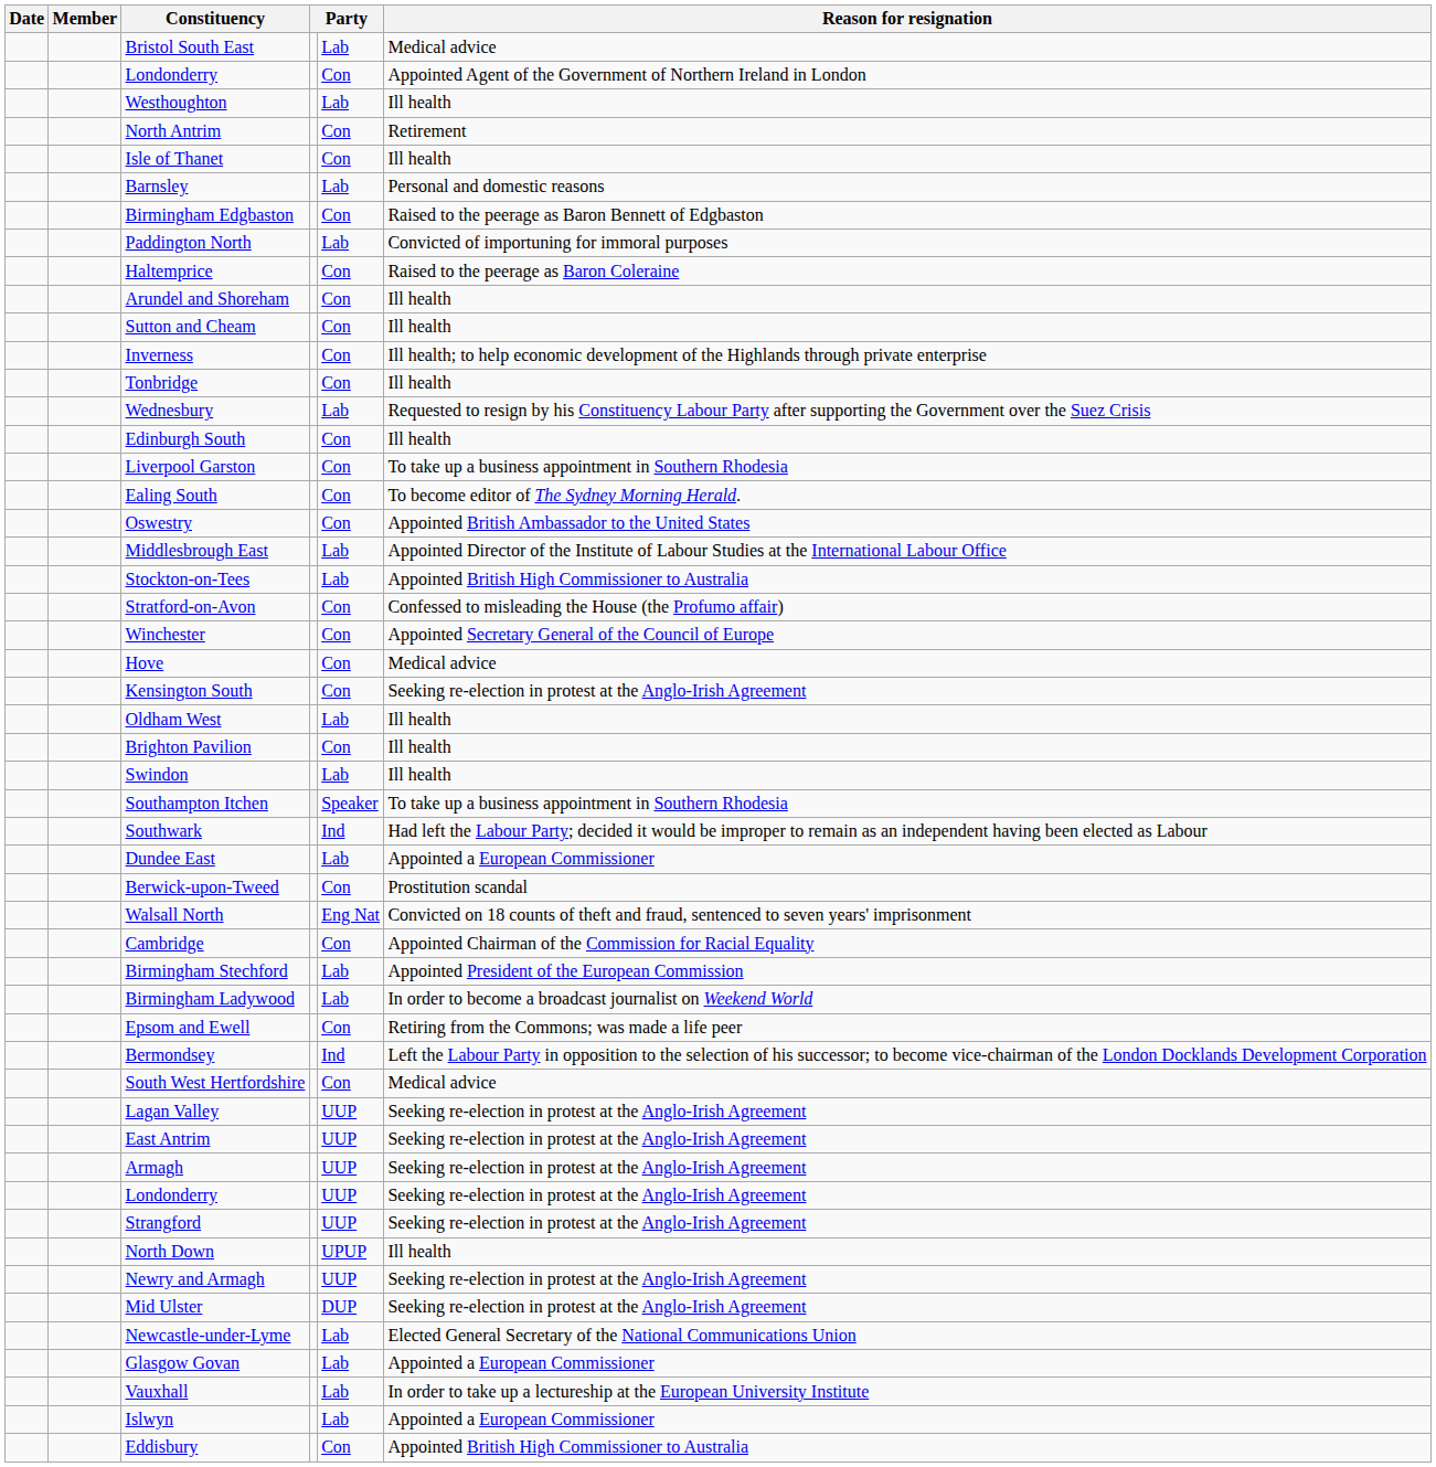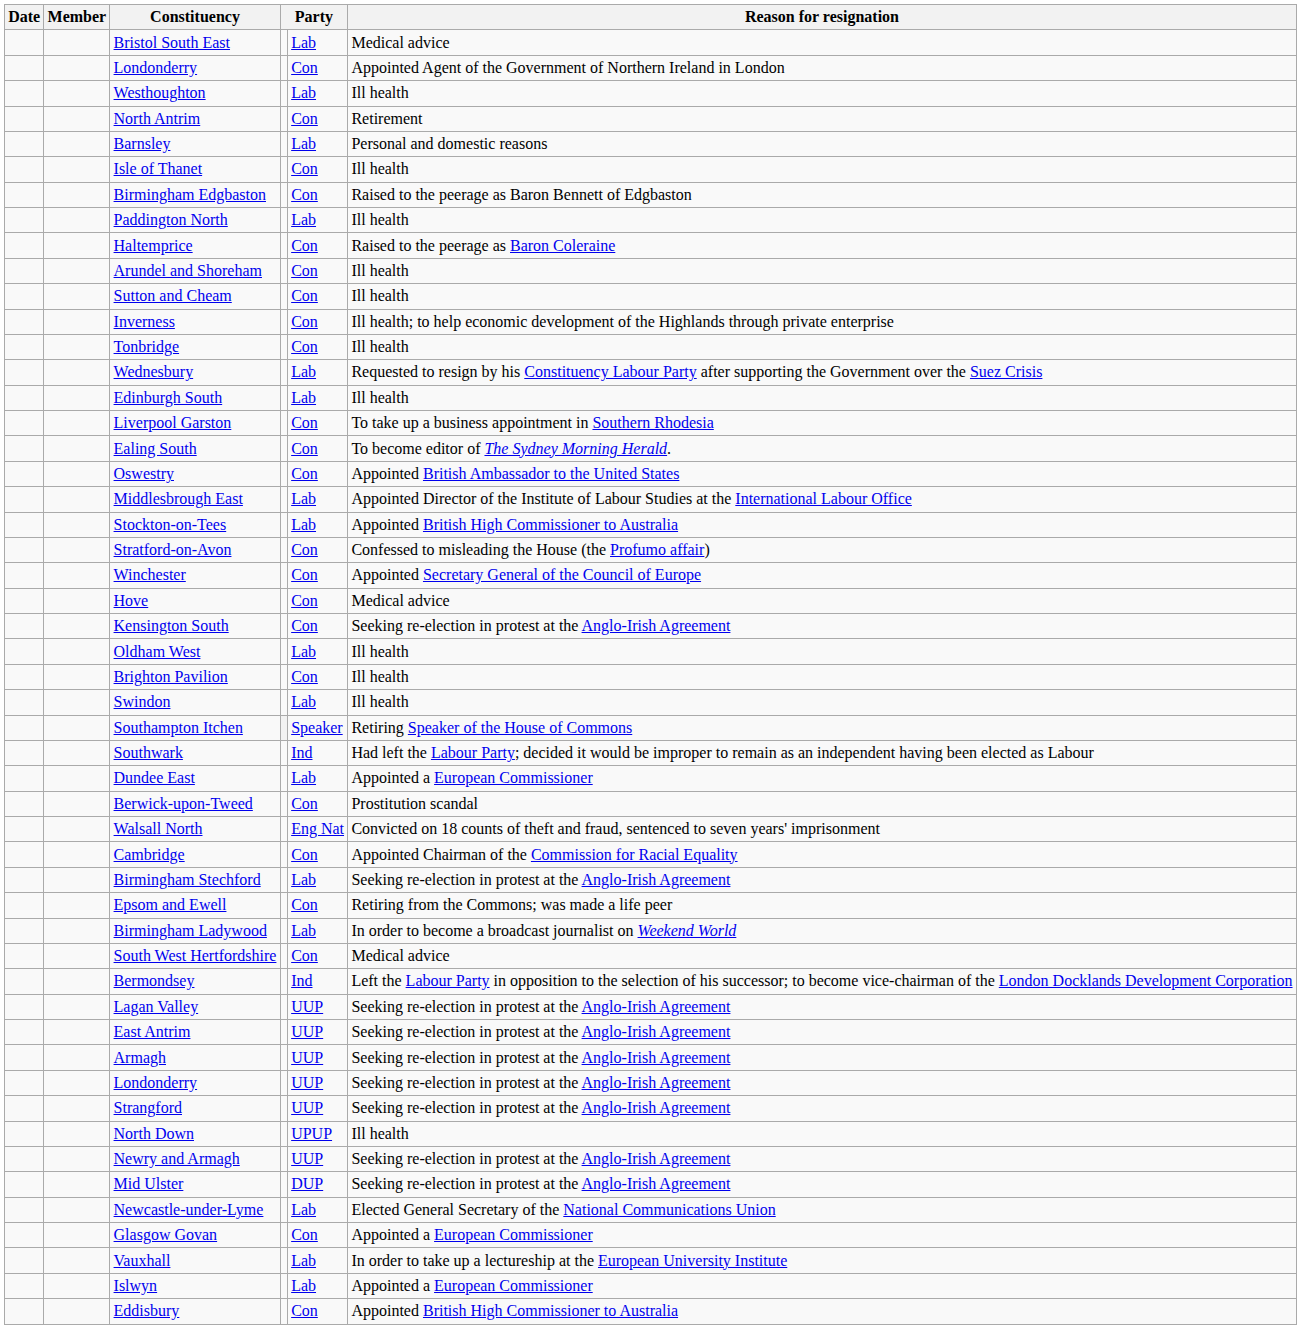 <table class="wikitable sortable collapsible">
 <tr>
 <th>Date</th>
 <th>Member</th>
 <th>Constituency</th>
 <th colspan=2>Party</th>
 <th class="unsortable">Reason for resignation</th>
 </tr>
 <tr>
 <td></td>
 <td></td>
 <td><a href='#'>Bristol South East</a></td>
 <td style="background:"></td>
 <td><a href='#'>Lab</a></td>
 <td>Medical advice</td>
 </tr>
 <tr>
 <td></td>
 <td></td>
 <td><a href='#'>Londonderry</a></td>
 <td style="background:"></td>
 <td><a href='#'>Con</a></td>
 <td>Appointed Agent of the Government of Northern Ireland in London</td>
 </tr>
 <tr>
 <td></td>
 <td></td>
 <td><a href='#'>Westhoughton</a></td>
 <td style="background:"></td>
 <td><a href='#'>Lab</a></td>
 <td>Ill health</td>
 </tr>
 <tr>
 <td></td>
 <td></td>
 <td><a href='#'>North Antrim</a></td>
 <td style="background:"></td>
 <td><a href='#'>Con</a></td>
 <td>Retirement</td>
 </tr>
 <tr>
 <td></td>
 <td></td>
+<td><a href='#'>Barnsley</a></td>
+<td style="background:"></td>
+<td><a href='#'>Lab</a></td>
+<td>Personal and domestic reasons</td>
+</tr>
+<tr>
+<td></td>
+<td></td>
 <td><a href='#'>Isle of Thanet</a></td>
 <td style="background:"></td>
 <td><a href='#'>Con</a></td>
 <td>Ill health</td>
-</tr>
-<tr>
-<td></td>
-<td></td>
-<td><a href='#'>Barnsley</a></td>
-<td style="background:"></td>
-<td><a href='#'>Lab</a></td>
-<td>Personal and domestic reasons</td>
 </tr>
 <tr>
 <td></td>
 <td></td>
 <td><a href='#'>Birmingham Edgbaston</a></td>
 <td style="background:"></td>
 <td><a href='#'>Con</a></td>
 <td>Raised to the peerage as Baron Bennett of Edgbaston</td>
 </tr>
 <tr>
 <td></td>
 <td></td>
 <td><a href='#'>Paddington North</a></td>
 <td style="background:"></td>
 <td><a href='#'>Lab</a></td>
-<td>Convicted of importuning for immoral purposes</td>
+<td>Ill health</td>
 </tr>
 <tr>
 <td></td>
 <td></td>
 <td><a href='#'>Haltemprice</a></td>
 <td style="background:"></td>
 <td><a href='#'>Con</a></td>
 <td>Raised to the peerage as <a href='#'>Baron Coleraine</a></td>
 </tr>
 <tr>
 <td></td>
 <td></td>
 <td><a href='#'>Arundel and Shoreham</a></td>
 <td style="background:"></td>
 <td><a href='#'>Con</a></td>
 <td>Ill health</td>
 </tr>
 <tr>
 <td></td>
 <td></td>
 <td><a href='#'>Sutton and Cheam</a></td>
 <td style="background:"></td>
 <td><a href='#'>Con</a></td>
 <td>Ill health</td>
 </tr>
 <tr>
 <td></td>
 <td></td>
 <td><a href='#'>Inverness</a></td>
 <td style="background:"></td>
 <td><a href='#'>Con</a></td>
 <td>Ill health; to help economic development of the Highlands through private enterprise</td>
 </tr>
 <tr>
 <td></td>
 <td></td>
 <td><a href='#'>Tonbridge</a></td>
 <td style="background:"></td>
 <td><a href='#'>Con</a></td>
 <td>Ill health</td>
 </tr>
 <tr>
 <td></td>
 <td></td>
 <td><a href='#'>Wednesbury</a></td>
 <td style="background:"></td>
 <td><a href='#'>Lab</a></td>
 <td>Requested to resign by his <a href='#'>Constituency Labour Party</a> after supporting the Government over the <a href='#'>Suez Crisis</a></td>
 </tr>
 <tr>
 <td></td>
 <td></td>
 <td><a href='#'>Edinburgh South</a></td>
 <td style="background:"></td>
-<td><a href='#'>Con</a></td>
+<td><a href='#'>Lab</a></td>
 <td>Ill health</td>
 </tr>
 <tr>
 <td></td>
 <td></td>
 <td><a href='#'>Liverpool Garston</a></td>
 <td style="background:"></td>
 <td><a href='#'>Con</a></td>
 <td>To take up a business appointment in <a href='#'>Southern Rhodesia</a></td>
 </tr>
 <tr>
 <td></td>
 <td></td>
 <td><a href='#'>Ealing South</a></td>
 <td style="background:"></td>
 <td><a href='#'>Con</a></td>
 <td>To become editor of <em><a href='#'>The Sydney Morning Herald</a></em>.</td>
 </tr>
 <tr>
 <td></td>
 <td></td>
 <td><a href='#'>Oswestry</a></td>
 <td style="background:"></td>
 <td><a href='#'>Con</a></td>
 <td>Appointed <a href='#'>British Ambassador to the United States</a></td>
 </tr>
 <tr>
 <td></td>
 <td></td>
 <td><a href='#'>Middlesbrough East</a></td>
 <td style="background:"></td>
 <td><a href='#'>Lab</a></td>
 <td>Appointed Director of the Institute of Labour Studies at the <a href='#'>International Labour Office</a></td>
 </tr>
 <tr>
 <td></td>
 <td></td>
 <td><a href='#'>Stockton-on-Tees</a></td>
 <td style="background:"></td>
 <td><a href='#'>Lab</a></td>
 <td>Appointed <a href='#'>British High Commissioner to Australia</a></td>
 </tr>
 <tr>
 <td></td>
 <td></td>
 <td><a href='#'>Stratford-on-Avon</a></td>
 <td style="background:"></td>
 <td><a href='#'>Con</a></td>
 <td>Confessed to misleading the House (the <a href='#'>Profumo affair</a>)</td>
 </tr>
 <tr>
 <td></td>
 <td></td>
 <td><a href='#'>Winchester</a></td>
 <td style="background:"></td>
 <td><a href='#'>Con</a></td>
 <td>Appointed <a href='#'>Secretary General of the Council of Europe</a></td>
 </tr>
 <tr>
 <td></td>
 <td></td>
 <td><a href='#'>Hove</a></td>
 <td style="background:"></td>
 <td><a href='#'>Con</a></td>
 <td>Medical advice</td>
 </tr>
 <tr>
 <td></td>
 <td></td>
 <td><a href='#'>Kensington South</a></td>
 <td style="background:"></td>
 <td><a href='#'>Con</a></td>
 <td>Seeking re-election in protest at the <a href='#'>Anglo-Irish Agreement</a></td>
 </tr>
 <tr>
 <td></td>
 <td></td>
 <td><a href='#'>Oldham West</a></td>
 <td style="background:"></td>
 <td><a href='#'>Lab</a></td>
 <td>Ill health</td>
 </tr>
 <tr>
 <td></td>
 <td></td>
 <td><a href='#'>Brighton Pavilion</a></td>
 <td style="background:"></td>
 <td><a href='#'>Con</a></td>
 <td>Ill health</td>
 </tr>
 <tr>
 <td></td>
 <td></td>
 <td><a href='#'>Swindon</a></td>
 <td style="background:"></td>
 <td><a href='#'>Lab</a></td>
 <td>Ill health</td>
 </tr>
 <tr>
 <td></td>
 <td></td>
 <td><a href='#'>Southampton Itchen</a></td>
 <th style="background:"></th>
 <td><a href='#'>Speaker</a></td>
-<td>To take up a business appointment in <a href='#'>Southern Rhodesia</a></td>
+<td>Retiring <a href='#'>Speaker of the House of Commons</a></td>
 </tr>
 <tr>
 <td></td>
 <td></td>
 <td><a href='#'>Southwark</a></td>
 <td style="background:"></td>
 <td><a href='#'>Ind</a></td>
 <td>Had left the <a href='#'>Labour Party</a>; decided it would be improper to remain as an independent having been elected as Labour</td>
 </tr>
 <tr>
 <td></td>
 <td></td>
 <td><a href='#'>Dundee East</a></td>
 <td style="background:"></td>
 <td><a href='#'>Lab</a></td>
 <td>Appointed a <a href='#'>European Commissioner</a></td>
 </tr>
 <tr>
 <td></td>
 <td></td>
 <td><a href='#'>Berwick-upon-Tweed</a></td>
 <td style="background:"></td>
 <td><a href='#'>Con</a></td>
 <td>Prostitution scandal</td>
 </tr>
 <tr>
 <td></td>
 <td></td>
 <td><a href='#'>Walsall North</a></td>
 <td style="background:"></td>
 <td><a href='#'>Eng Nat</a></td>
 <td>Convicted on 18 counts of theft and fraud, sentenced to seven years' imprisonment</td>
 </tr>
 <tr>
 <td></td>
 <td></td>
 <td><a href='#'>Cambridge</a></td>
 <td style="background:"></td>
 <td><a href='#'>Con</a></td>
 <td>Appointed Chairman of the <a href='#'>Commission for Racial Equality</a></td>
 </tr>
 <tr>
 <td></td>
 <td></td>
 <td><a href='#'>Birmingham Stechford</a></td>
 <td style="background:"></td>
 <td><a href='#'>Lab</a></td>
-<td>Appointed <a href='#'>President of the European Commission</a></td>
+<td>Seeking re-election in protest at the <a href='#'>Anglo-Irish Agreement</a></td>
+</tr>
+<tr>
+<td></td>
+<td></td>
+<td><a href='#'>Epsom and Ewell</a></td>
+<td style="background:"></td>
+<td><a href='#'>Con</a></td>
+<td>Retiring from the Commons; was made a life peer</td>
 </tr>
 <tr>
 <td></td>
 <td></td>
 <td><a href='#'>Birmingham Ladywood</a></td>
 <td style="background:"></td>
 <td><a href='#'>Lab</a></td>
 <td>In order to become a broadcast journalist on <em><a href='#'>Weekend World</a></em></td>
 </tr>
 <tr>
 <td></td>
 <td></td>
-<td><a href='#'>Epsom and Ewell</a></td>
+<td><a href='#'>South West Hertfordshire</a></td>
 <td style="background:"></td>
 <td><a href='#'>Con</a></td>
-<td>Retiring from the Commons; was made a life peer</td>
+<td>Medical advice</td>
 </tr>
 <tr>
 <td></td>
 <td></td>
 <td><a href='#'>Bermondsey</a></td>
 <td style="background:"></td>
 <td><a href='#'>Ind</a></td>
 <td>Left the <a href='#'>Labour Party</a> in opposition to the selection of his successor; to become vice-chairman of the <a href='#'>London Docklands Development Corporation</a></td>
-</tr>
-<tr>
-<td></td>
-<td></td>
-<td><a href='#'>South West Hertfordshire</a></td>
-<td style="background:"></td>
-<td><a href='#'>Con</a></td>
-<td>Medical advice</td>
 </tr>
 <tr>
 <td></td>
 <td></td>
 <td><a href='#'>Lagan Valley</a></td>
 <td style="background:"></td>
 <td><a href='#'>UUP</a></td>
 <td>Seeking re-election in protest at the <a href='#'>Anglo-Irish Agreement</a></td>
 </tr>
 <tr>
 <td></td>
 <td></td>
 <td><a href='#'>East Antrim</a></td>
 <td style="background:"></td>
 <td><a href='#'>UUP</a></td>
 <td>Seeking re-election in protest at the <a href='#'>Anglo-Irish Agreement</a></td>
 </tr>
 <tr>
 <td></td>
 <td></td>
 <td><a href='#'>Armagh</a></td>
 <td style="background:"></td>
 <td><a href='#'>UUP</a></td>
 <td>Seeking re-election in protest at the <a href='#'>Anglo-Irish Agreement</a></td>
 </tr>
 <tr>
 <td></td>
 <td></td>
 <td><a href='#'>Londonderry</a></td>
 <td style="background:"></td>
 <td><a href='#'>UUP</a></td>
 <td>Seeking re-election in protest at the <a href='#'>Anglo-Irish Agreement</a></td>
 </tr>
 <tr>
 <td></td>
 <td></td>
 <td><a href='#'>Strangford</a></td>
 <td style="background:"></td>
 <td><a href='#'>UUP</a></td>
 <td>Seeking re-election in protest at the <a href='#'>Anglo-Irish Agreement</a></td>
 </tr>
 <tr>
 <td></td>
 <td></td>
 <td><a href='#'>North Down</a></td>
 <td style="background:"></td>
 <td><a href='#'>UPUP</a></td>
 <td>Ill health</td>
 </tr>
 <tr>
 <td></td>
 <td></td>
 <td><a href='#'>Newry and Armagh</a></td>
 <td style="background:"></td>
 <td><a href='#'>UUP</a></td>
 <td>Seeking re-election in protest at the <a href='#'>Anglo-Irish Agreement</a></td>
 </tr>
 <tr>
 <td></td>
 <td></td>
 <td><a href='#'>Mid Ulster</a></td>
 <td style="background:"></td>
 <td><a href='#'>DUP</a></td>
 <td>Seeking re-election in protest at the <a href='#'>Anglo-Irish Agreement</a></td>
 </tr>
 <tr>
 <td></td>
 <td></td>
 <td><a href='#'>Newcastle-under-Lyme</a></td>
 <td style="background:"></td>
 <td><a href='#'>Lab</a></td>
 <td>Elected General Secretary of the <a href='#'>National Communications Union</a></td>
 </tr>
 <tr>
 <td></td>
 <td></td>
 <td><a href='#'>Glasgow Govan</a></td>
 <td style="background:"></td>
-<td><a href='#'>Lab</a></td>
+<td><a href='#'>Con</a></td>
 <td>Appointed a <a href='#'>European Commissioner</a></td>
 </tr>
 <tr>
 <td></td>
 <td></td>
 <td><a href='#'>Vauxhall</a></td>
 <td style="background:"></td>
 <td><a href='#'>Lab</a></td>
 <td>In order to take up a lectureship at the <a href='#'>European University Institute</a></td>
 </tr>
 <tr>
 <td></td>
 <td></td>
 <td><a href='#'>Islwyn</a></td>
 <td style="background:"></td>
 <td><a href='#'>Lab</a></td>
 <td>Appointed a <a href='#'>European Commissioner</a></td>
 </tr>
 <tr>
 <td></td>
 <td></td>
 <td><a href='#'>Eddisbury</a></td>
 <td style="background:"></td>
 <td><a href='#'>Con</a></td>
 <td>Appointed <a href='#'>British High Commissioner to Australia</a></td>
 </tr>
 </table>
